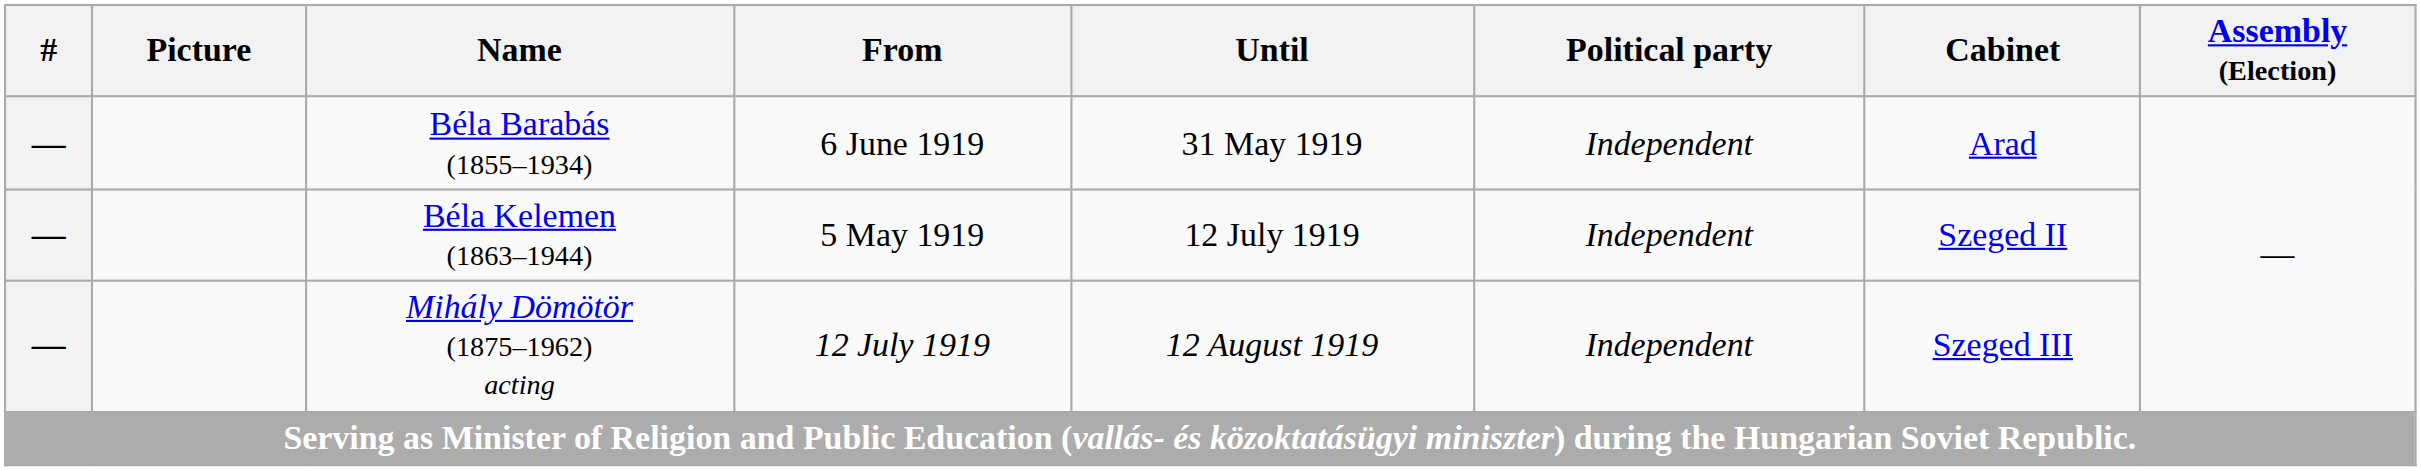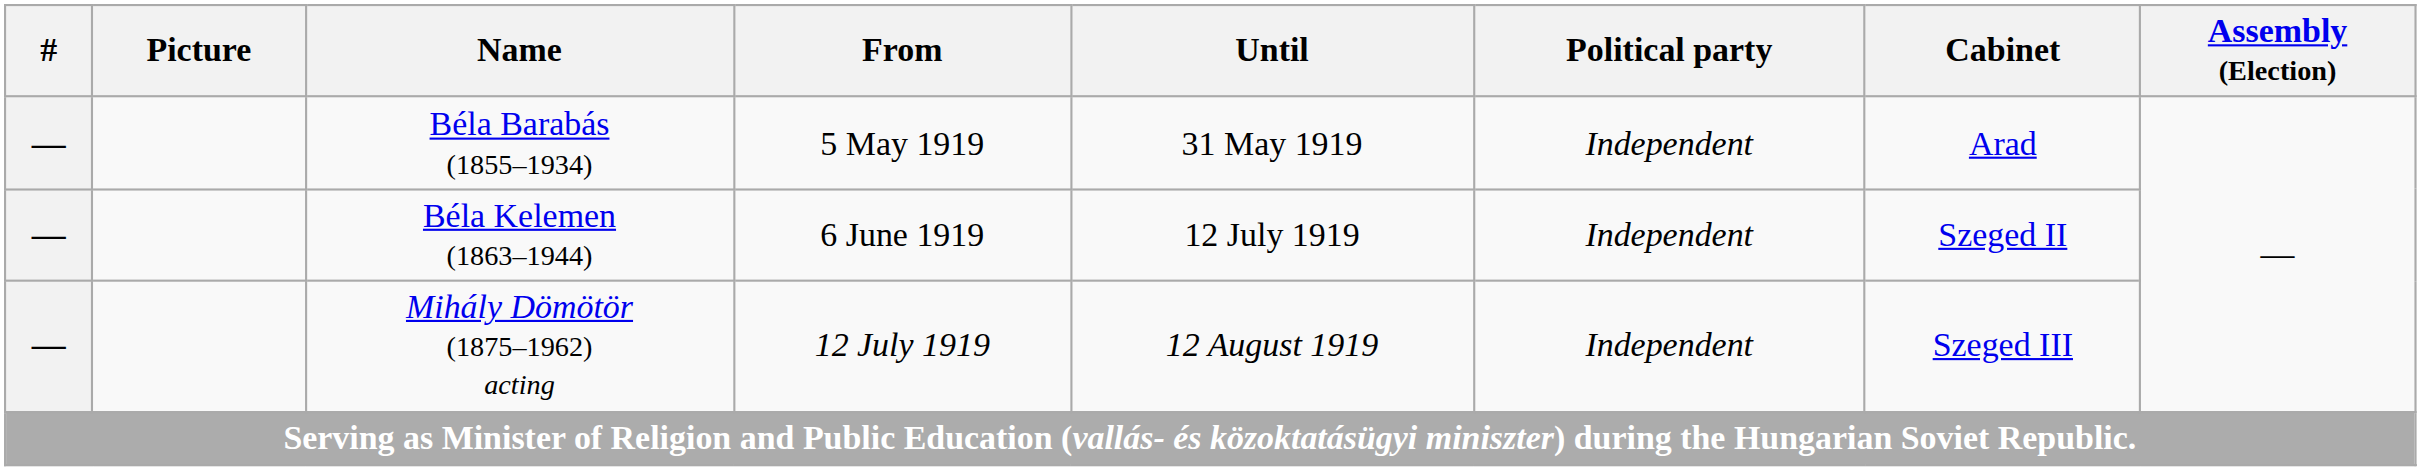 <table width=90% class="wikitable" style="text-align:center">
 <tr>
 <th>#</th>
 <th>Picture</th>
 <th>Name</th>
 <th>From</th>
 <th>Until</th>
 <th>Political party</th>
 <th>Cabinet</th>
 <th><a href='#'>Assembly</a><br><small>(Election)</small></th>
 </tr>
 <tr>
 <th style="background:">—</th>
 <td></td>
 <td><a href='#'>Béla Barabás</a><br><small>(1855–1934)</small></td>
-<td>6 June 1919</td>
+<td>5 May 1919</td>
 <td>31 May 1919</td>
 <td><em>Independent</em></td>
 <td><a href='#'>Arad</a></td>
 <td rowspan="3">—</td>
 </tr>
 <tr>
 <th style="background:">—</th>
 <td></td>
 <td><a href='#'>Béla Kelemen</a><br><small>(1863–1944)</small></td>
-<td>5 May 1919</td>
+<td>6 June 1919</td>
 <td>12 July 1919</td>
 <td><em>Independent</em></td>
 <td><a href='#'>Szeged II</a></td>
 </tr>
 <tr>
 <th style="background:">—</th>
 <td></td>
 <td><em><a href='#'>Mihály Dömötör</a></em><br><small>(1875–1962)<br><em>acting</em></small></td>
 <td><em>12 July 1919</em></td>
 <td><em>12 August 1919</em></td>
 <td><em>Independent</em></td>
 <td><a href='#'>Szeged III</a></td>
 </tr>
 <tr>
 <th colspan="8" style="background-color:#ACACAC; color:white">Serving as Minister of Religion and Public Education (<em>vallás- és közoktatásügyi miniszter</em>) during the Hungarian Soviet Republic.</th>
 </tr>
 <tr>
 </tr>
 </table>
